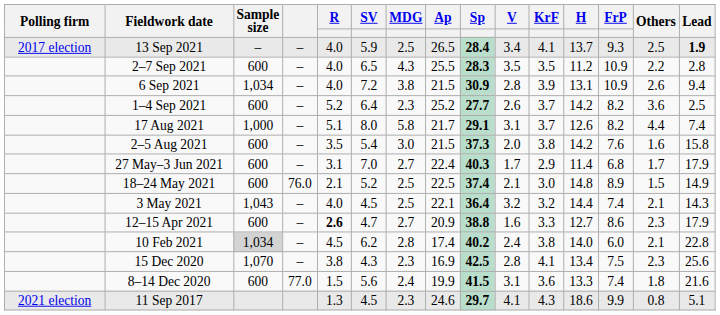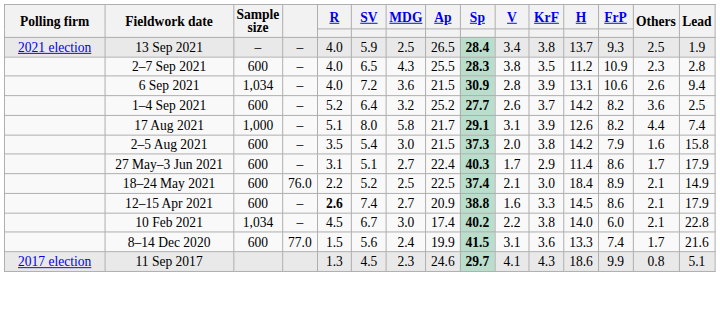 <table class="wikitable mw-collapsible sortable" style="text-align:center;font-size:90%;line-height:14px;">
 <tr>
 <th rowspan="2" style="width:100px;">Polling firm</th>
 <th rowspan="2" style="width:130px;">Fieldwork date</th>
 <th rowspan="2" style="width:35px;">Sample<br>size</th>
 <th rowspan="2" style="width:30px;"></th>
 <th class="unsortable" style="width:30px;"><a href='#'>R</a></th>
 <th class="unsortable" style="width:30px;"><a href='#'>SV</a></th>
 <th class="unsortable" style="width:30px;"><a href='#'>MDG</a></th>
 <th class="unsortable" style="width:30px;"><a href='#'>Ap</a></th>
 <th class="unsortable" style="width:30px;"><a href='#'>Sp</a></th>
 <th class="unsortable" style="width:30px;"><a href='#'>V</a></th>
 <th class="unsortable" style="width:30px;"><a href='#'>KrF</a></th>
 <th class="unsortable" style="width:30px;"><a href='#'>H</a></th>
 <th class="unsortable" style="width:30px;"><a href='#'>FrP</a></th>
 <th class="unsortable" style="width:20px;" rowspan="2">Others</th>
 <th rowspan="2" style="width:30px;">Lead</th>
 </tr>
 <tr>
 <th style="background:"></th>
 <th style="background:"></th>
 <th style="background:"></th>
 <th style="background:"></th>
 <th style="background:"></th>
 <th style="background:"></th>
 <th style="background:"></th>
 <th style="background:"></th>
 <th style="background:"></th>
 </tr>
 <tr style="background:#E9E9E9;">
-<td><a href='#'>2017 election</a></td>
+<td><a href='#'>2021 election</a></td>
 <td>13 Sep 2021</td>
 <td>–</td>
 <td>–</td>
 <td>4.0</td>
 <td>5.9</td>
 <td>2.5</td>
 <td>26.5</td>
 <td style="background:#BADECC;"><strong>28.4</strong></td>
 <td>3.4</td>
-<td>4.1</td>
+<td>3.8</td>
 <td>13.7</td>
 <td>9.3</td>
 <td>2.5</td>
-<td style="background:"><strong>1.9</strong></td>
+<td style="background:">1.9</td>
 </tr>
 <tr>
 <td></td>
 <td>2–7 Sep 2021</td>
 <td>600</td>
 <td>–</td>
 <td>4.0</td>
 <td>6.5</td>
 <td>4.3</td>
 <td>25.5</td>
 <td style="background:#BADECC;"><strong>28.3</strong></td>
-<td>3.5</td>
+<td>3.8</td>
 <td>3.5</td>
 <td>11.2</td>
 <td>10.9</td>
-<td>2.2</td>
+<td>2.3</td>
 <td style="background:">2.8</td>
 </tr>
 <tr>
 <td></td>
 <td>6 Sep 2021</td>
 <td>1,034</td>
 <td>–</td>
 <td>4.0</td>
 <td>7.2</td>
-<td>3.8</td>
+<td>3.6</td>
 <td>21.5</td>
 <td style="background:#BADECC;"><strong>30.9</strong></td>
 <td>2.8</td>
 <td>3.9</td>
 <td>13.1</td>
-<td>10.9</td>
+<td>10.6</td>
 <td>2.6</td>
 <td style="background:">9.4</td>
 </tr>
 <tr>
 <td></td>
 <td>1–4 Sep 2021</td>
 <td>600</td>
 <td>–</td>
 <td>5.2</td>
 <td>6.4</td>
-<td>2.3</td>
+<td>3.2</td>
 <td>25.2</td>
 <td style="background:#BADECC;"><strong>27.7</strong></td>
 <td>2.6</td>
 <td>3.7</td>
 <td>14.2</td>
 <td>8.2</td>
 <td>3.6</td>
 <td style="background:">2.5</td>
 </tr>
 <tr>
 <td></td>
 <td>17 Aug 2021</td>
 <td>1,000</td>
 <td>–</td>
 <td>5.1</td>
 <td>8.0</td>
 <td>5.8</td>
 <td>21.7</td>
 <td style="background:#BADECC;"><strong>29.1</strong></td>
 <td>3.1</td>
-<td>3.7</td>
+<td>3.9</td>
 <td>12.6</td>
 <td>8.2</td>
 <td>4.4</td>
 <td style="background:">7.4</td>
 </tr>
 <tr>
 <td></td>
 <td>2–5 Aug 2021</td>
 <td>600</td>
 <td>–</td>
 <td>3.5</td>
 <td>5.4</td>
 <td>3.0</td>
 <td>21.5</td>
 <td style="background:#BADECC;"><strong>37.3</strong></td>
 <td>2.0</td>
 <td>3.8</td>
 <td>14.2</td>
-<td>7.6</td>
+<td>7.9</td>
 <td>1.6</td>
 <td style="background:">15.8</td>
 </tr>
 <tr>
 <td></td>
 <td>27 May–3 Jun 2021</td>
 <td>600</td>
 <td>–</td>
 <td>3.1</td>
-<td>7.0</td>
+<td>5.1</td>
 <td>2.7</td>
 <td>22.4</td>
 <td style="background:#BADECC;"><strong>40.3</strong></td>
 <td>1.7</td>
 <td>2.9</td>
 <td>11.4</td>
-<td>6.8</td>
+<td>8.6</td>
 <td>1.7</td>
 <td style="background:">17.9</td>
 </tr>
 <tr>
 <td></td>
 <td>18–24 May 2021</td>
 <td>600</td>
 <td>76.0</td>
-<td>2.1</td>
+<td>2.2</td>
 <td>5.2</td>
 <td>2.5</td>
 <td>22.5</td>
 <td style="background:#BADECC;"><strong>37.4</strong></td>
 <td>2.1</td>
 <td>3.0</td>
-<td>14.8</td>
+<td>18.4</td>
 <td>8.9</td>
-<td>1.5</td>
+<td>2.1</td>
 <td style="background:">14.9</td>
-</tr>
-<tr>
-<td></td>
-<td>3 May 2021</td>
-<td>1,043</td>
-<td>–</td>
-<td>4.0</td>
-<td>4.5</td>
-<td>2.5</td>
-<td>22.1</td>
-<td style="background:#BADECC;"><strong>36.4</strong></td>
-<td>3.2</td>
-<td>3.2</td>
-<td>14.4</td>
-<td>7.4</td>
-<td>2.1</td>
-<td style="background:">14.3</td>
 </tr>
 <tr>
 <td></td>
 <td>12–15 Apr 2021</td>
 <td>600</td>
 <td>–</td>
 <td><strong>2.6</strong></td>
-<td>4.7</td>
+<td>7.4</td>
 <td>2.7</td>
 <td>20.9</td>
 <td style="background:#BADECC;"><strong>38.8</strong></td>
 <td>1.6</td>
 <td>3.3</td>
-<td>12.7</td>
+<td>14.5</td>
 <td>8.6</td>
-<td>2.3</td>
+<td>2.1</td>
 <td style="background:">17.9</td>
 </tr>
 <tr>
 <td></td>
 <td>10 Feb 2021</td>
-<td style="background: lightgrey;">1,034</td>
+<td>1,034</td>
 <td>–</td>
 <td>4.5</td>
-<td>6.2</td>
-<td>2.8</td>
+<td>6.7</td>
+<td>3.0</td>
 <td>17.4</td>
 <td style="background:#BADECC;"><strong>40.2</strong></td>
-<td>2.4</td>
+<td>2.2</td>
 <td>3.8</td>
 <td>14.0</td>
 <td>6.0</td>
 <td>2.1</td>
 <td style="background:">22.8</td>
-</tr>
-<tr>
-<td></td>
-<td>15 Dec 2020</td>
-<td>1,070</td>
-<td>–</td>
-<td>3.8</td>
-<td>4.3</td>
-<td>2.3</td>
-<td>16.9</td>
-<td style="background:#BADECC;"><strong>42.5</strong></td>
-<td>2.8</td>
-<td>4.1</td>
-<td>13.4</td>
-<td>7.5</td>
-<td>2.3</td>
-<td style="background:">25.6</td>
 </tr>
 <tr>
 <td></td>
 <td>8–14 Dec 2020</td>
 <td>600</td>
 <td>77.0</td>
 <td>1.5</td>
 <td>5.6</td>
 <td>2.4</td>
 <td>19.9</td>
 <td style="background:#BADECC;"><strong>41.5</strong></td>
 <td>3.1</td>
 <td>3.6</td>
 <td>13.3</td>
 <td>7.4</td>
-<td>1.8</td>
+<td>1.7</td>
 <td style="background:">21.6</td>
 </tr>
 <tr style="background:#E9E9E9;">
-<td><a href='#'>2021 election</a></td>
+<td><a href='#'>2017 election</a></td>
 <td>11 Sep 2017</td>
 <td></td>
 <td></td>
 <td>1.3</td>
 <td>4.5</td>
 <td>2.3</td>
 <td>24.6</td>
 <td style="background:#BADECC;"><strong>29.7</strong></td>
 <td>4.1</td>
 <td>4.3</td>
 <td>18.6</td>
 <td>9.9</td>
 <td>0.8</td>
 <td style="background:">5.1</td>
 </tr>
 </table>
